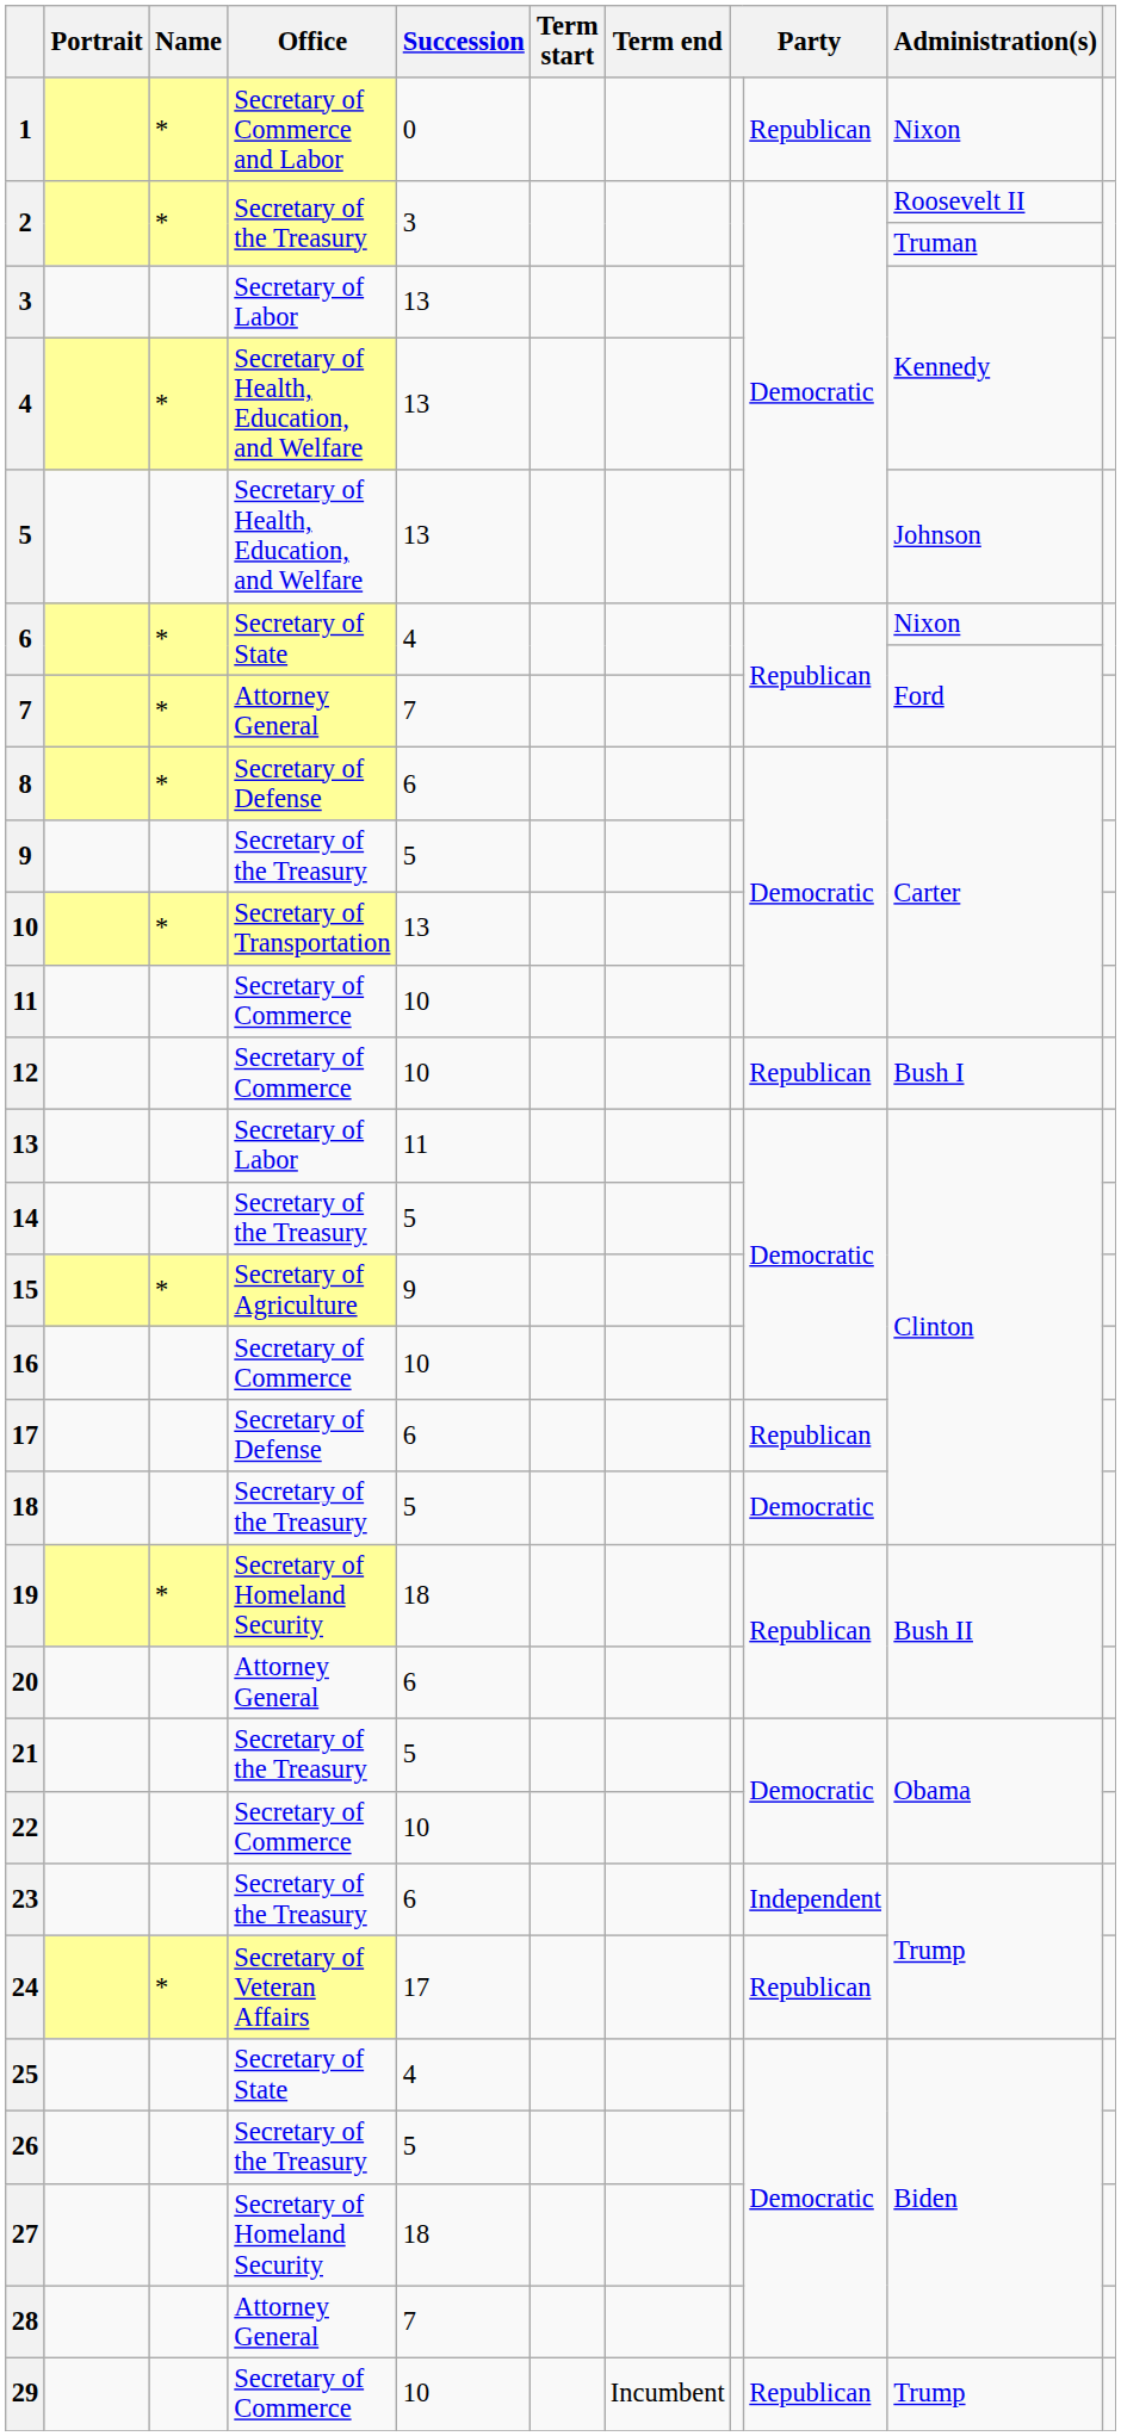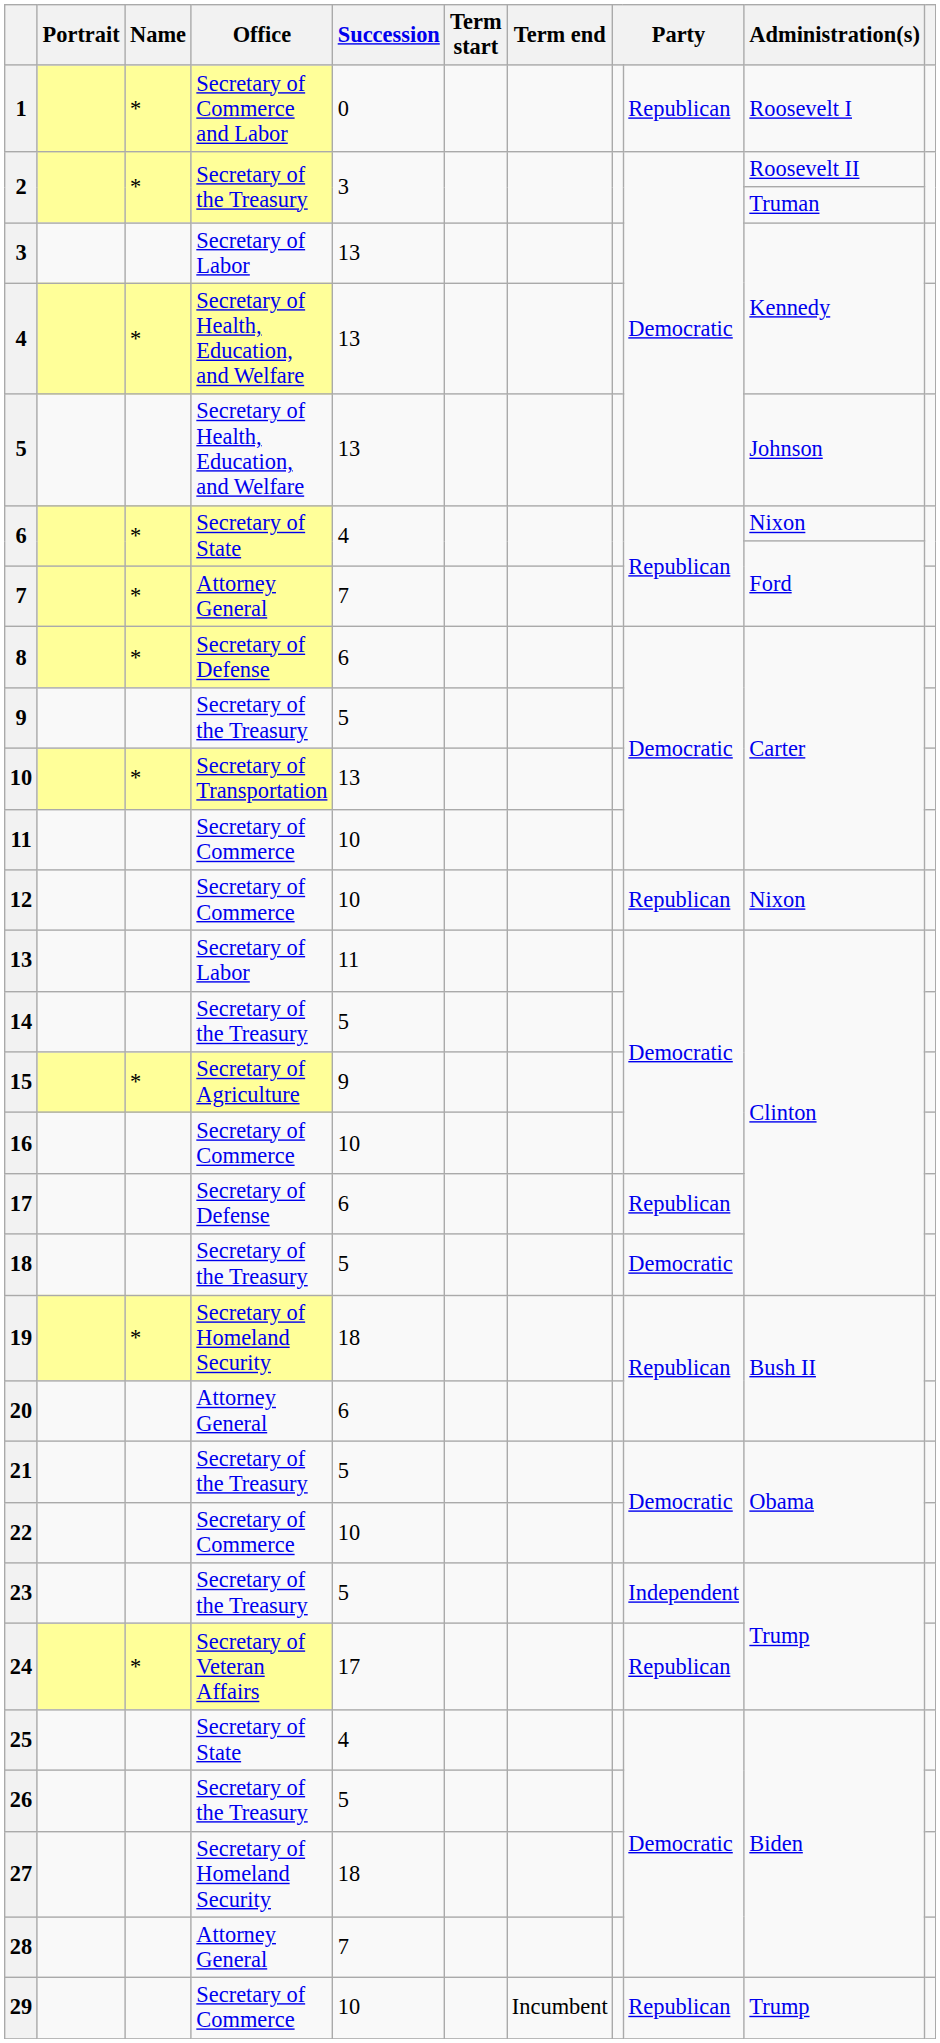 <table class="wikitable sortable">
 <tr>
 <th scope="col"></th>
 <th scope="col">Portrait</th>
 <th scope="col">Name</th>
 <th scope="col">Office</th>
 <th scope="col"><a href='#'>Succession</a></th>
 <th scope="col">Term start</th>
 <th scope="col">Term end</th>
 <th scope="col" colspan=2>Party</th>
 <th scope="col">Administration(s)</th>
 <th scope="col" class="unsortable"></th>
 </tr>
 <tr>
 <th scope="row">1</th>
 <td bgcolor="#FFFF99" data-sort-value="Straus, Oscar"></td>
 <td bgcolor="#FFFF99">*</td>
 <td bgcolor="#FFFF99"><a href='#'>Secretary of Commerce and Labor</a></td>
 <td>0</td>
 <td></td>
 <td></td>
 <td style="background-color:"></td>
 <td><a href='#'>Republican</a></td>
-<td><a href='#'>Nixon</a></td>
+<td><a href='#'>Roosevelt I</a></td>
 <td align="center"></td>
 </tr>
 <tr>
 <th scope="row" rowspan=2>2</th>
 <td bgcolor="#FFFF99" rowspan=2 data-sort-value="Morgenthau, Henry"></td>
 <td bgcolor="#FFFF99" rowspan=2>*</td>
 <td bgcolor="#FFFF99" rowspan=2><a href='#'>Secretary of the Treasury</a></td>
 <td rowspan=2>3</td>
 <td rowspan=2></td>
 <td rowspan=2></td>
 <td rowspan=2 style="background-color:"></td>
 <td rowspan=5><a href='#'>Democratic</a></td>
 <td><a href='#'>Roosevelt II</a></td>
 <td align="center" rowspan=2></td>
 </tr>
 <tr>
 <td><a href='#'>Truman</a></td>
 </tr>
 <tr>
 <th scope="row">3</th>
 <td data-sort-value="Goldberg, Arthur"></td>
 <td></td>
 <td><a href='#'>Secretary of Labor</a></td>
 <td>13</td>
 <td></td>
 <td></td>
 <td style="background-color:"></td>
 <td rowspan=2><a href='#'>Kennedy</a></td>
 <td align="center"></td>
 </tr>
 <tr>
 <th scope="row">4</th>
 <td bgcolor="#FFFF99" data-sort-value="Ribicoff, Abraham"></td>
 <td bgcolor="#FFFF99">*</td>
 <td bgcolor="#FFFF99"><a href='#'>Secretary of Health, Education, and Welfare</a></td>
 <td>13</td>
 <td></td>
 <td></td>
 <td style="background-color:"></td>
 <td align="center"></td>
 </tr>
 <tr>
 <th scope="row">5</th>
 <td data-sort-value="Cohen, Wilbur"></td>
 <td></td>
 <td><a href='#'>Secretary of Health, Education, and Welfare</a></td>
 <td>13</td>
 <td></td>
 <td></td>
 <td style="background-color:"></td>
 <td><a href='#'>Johnson</a></td>
 <td align="center"></td>
 </tr>
 <tr>
 <th scope="row" rowspan=2>6</th>
 <td bgcolor="#FFFF99" rowspan=2 data-sort-value="Kissinger, Henry"></td>
 <td bgcolor="#FFFF99" rowspan=2>*</td>
 <td bgcolor="#FFFF99" rowspan=2><a href='#'>Secretary of State</a></td>
 <td rowspan=2>4</td>
 <td rowspan=2></td>
 <td rowspan=2></td>
 <td rowspan=2 style="background-color:"></td>
 <td rowspan=3><a href='#'>Republican</a></td>
 <td><a href='#'>Nixon</a></td>
 <td align="center" rowspan=2></td>
 </tr>
 <tr>
 <td rowspan=2><a href='#'>Ford</a></td>
 </tr>
 <tr>
 <th scope="row">7</th>
 <td bgcolor="#FFFF99" data-sort-value="Cohen, Wilbur"></td>
 <td bgcolor="#FFFF99">*</td>
 <td bgcolor="#FFFF99"><a href='#'>Attorney General</a></td>
 <td>7</td>
 <td></td>
 <td></td>
 <td style="background-color:"></td>
 <td align="center"></td>
 </tr>
 <tr>
 <th scope="row">8</th>
 <td bgcolor="#FFFF99" data-sort-value="Brown, Harold"></td>
 <td bgcolor="#FFFF99">*</td>
 <td bgcolor="#FFFF99"><a href='#'>Secretary of Defense</a></td>
 <td>6</td>
 <td></td>
 <td></td>
 <td style="background-color:"></td>
 <td rowspan=4><a href='#'>Democratic</a></td>
 <td rowspan=4><a href='#'>Carter</a></td>
 <td align="center"></td>
 </tr>
 <tr>
 <th scope="row">9</th>
 <td data-sort-value="Blumenthal, W. Michael"></td>
 <td></td>
 <td><a href='#'>Secretary of the Treasury</a></td>
 <td>5</td>
 <td></td>
 <td></td>
 <td style="background-color:"></td>
 <td align="center"></td>
 </tr>
 <tr>
 <th scope="row">10</th>
 <td bgcolor="#FFFF99" data-sort-value="Goldschmidt, Neil"></td>
 <td bgcolor="#FFFF99">*</td>
 <td bgcolor="#FFFF99"><a href='#'>Secretary of Transportation</a></td>
 <td>13</td>
 <td></td>
 <td></td>
 <td style="background-color:"></td>
 <td align="center"></td>
 </tr>
 <tr>
 <th scope="row">11</th>
 <td data-sort-value="Klutznick, Philip"></td>
 <td></td>
 <td><a href='#'>Secretary of Commerce</a></td>
 <td>10</td>
 <td></td>
 <td></td>
 <td style="background-color:"></td>
 <td align="center"></td>
 </tr>
 <tr>
 <th scope="row">12</th>
 <td data-sort-value="Mosbacher, Robert"></td>
 <td></td>
 <td><a href='#'>Secretary of Commerce</a></td>
 <td>10</td>
 <td></td>
 <td></td>
 <td style="background-color:"></td>
 <td><a href='#'>Republican</a></td>
-<td><a href='#'>Bush I</a></td>
+<td><a href='#'>Nixon</a></td>
 <td align="center"></td>
 </tr>
 <tr>
 <th scope="row">13</th>
 <td data-sort-value="Reich, Robert"></td>
 <td></td>
 <td><a href='#'>Secretary of Labor</a></td>
 <td>11</td>
 <td></td>
 <td></td>
 <td style="background-color:"></td>
 <td rowspan=4><a href='#'>Democratic</a></td>
 <td rowspan=6><a href='#'>Clinton</a></td>
 <td align="center"></td>
 </tr>
 <tr>
 <th scope="row">14</th>
 <td data-sort-value="Rubin, Robert"></td>
 <td></td>
 <td><a href='#'>Secretary of the Treasury</a></td>
 <td>5</td>
 <td></td>
 <td></td>
 <td style="background-color:"></td>
 <td align="center"></td>
 </tr>
 <tr>
 <th scope="row">15</th>
 <td bgcolor="#FFFF99" data-sort-value="Glickman, Dan"></td>
 <td bgcolor="#FFFF99">*</td>
 <td bgcolor="#FFFF99"><a href='#'>Secretary of Agriculture</a></td>
 <td>9</td>
 <td></td>
 <td></td>
 <td style="background-color:"></td>
 <td align="center"></td>
 </tr>
 <tr>
 <th scope="row">16</th>
 <td data-sort-value="Kantor, Mickey"></td>
 <td></td>
 <td><a href='#'>Secretary of Commerce</a></td>
 <td>10</td>
 <td></td>
 <td></td>
 <td style="background-color:"></td>
 <td align="center"></td>
 </tr>
 <tr>
 <th scope="row">17</th>
 <td data-sort-value="Cohen, William"></td>
 <td></td>
 <td><a href='#'>Secretary of Defense</a></td>
 <td>6</td>
 <td></td>
 <td></td>
 <td style="background-color:"></td>
 <td><a href='#'>Republican</a></td>
 <td align="center"></td>
 </tr>
 <tr>
 <th scope="row">18</th>
 <td data-sort-value="Summers, Larry"></td>
 <td></td>
 <td><a href='#'>Secretary of the Treasury</a></td>
 <td>5</td>
 <td></td>
 <td></td>
 <td style="background-color:"></td>
 <td><a href='#'>Democratic</a></td>
 <td align="center"></td>
 </tr>
 <tr>
 <th scope="row">19</th>
 <td bgcolor="#FFFF99" data-sort-value="Chertoff, Michael"></td>
 <td bgcolor="#FFFF99">*</td>
 <td bgcolor="#FFFF99"><a href='#'>Secretary of Homeland Security</a></td>
 <td>18</td>
 <td></td>
 <td></td>
 <td style="background-color:"></td>
 <td rowspan=2><a href='#'>Republican</a></td>
 <td rowspan=2><a href='#'>Bush II</a></td>
 <td align="center"></td>
 </tr>
 <tr>
 <th scope="row">20</th>
 <td data-sort-value="Mukasey, Michael"></td>
 <td></td>
 <td><a href='#'>Attorney General</a></td>
 <td>6</td>
 <td></td>
 <td></td>
 <td style="background-color:"></td>
 <td align="center"></td>
 </tr>
 <tr>
 <th scope="row">21</th>
 <td data-sort-value="Lew, Jack"></td>
 <td></td>
 <td><a href='#'>Secretary of the Treasury</a></td>
 <td>5</td>
 <td></td>
 <td></td>
 <td style="background-color:"></td>
 <td rowspan=2><a href='#'>Democratic</a></td>
 <td rowspan=2><a href='#'>Obama</a></td>
 <td align="center"></td>
 </tr>
 <tr>
 <th scope="row">22</th>
 <td data-sort-value="Pritzker, Penny"></td>
 <td></td>
 <td><a href='#'>Secretary of Commerce</a></td>
 <td>10</td>
 <td></td>
 <td></td>
 <td style="background-color:"></td>
 <td align="center"></td>
 </tr>
 <tr>
 <th scope="row">23</th>
 <td data-sort-value="Munchin, Steven"></td>
 <td></td>
 <td><a href='#'>Secretary of the Treasury</a></td>
-<td>6</td>
+<td>5</td>
 <td></td>
 <td></td>
 <td style="background-color:"></td>
 <td><a href='#'>Independent</a></td>
 <td rowspan=2><a href='#'>Trump</a></td>
 <td align="center"></td>
 </tr>
 <tr>
 <th scope="row">24</th>
 <td bgcolor="#FFFF99" data-sort-value="Shulkin, David"></td>
 <td bgcolor="#FFFF99">*</td>
 <td bgcolor="#FFFF99"><a href='#'>Secretary of Veteran Affairs</a></td>
 <td>17</td>
 <td></td>
 <td></td>
 <td style="background-color:"></td>
 <td><a href='#'>Republican</a></td>
 <td align="center"></td>
 </tr>
 <tr>
 <th scope="row">25</th>
 <td data-sort-value="Blinken, Antony"></td>
 <td></td>
 <td><a href='#'>Secretary of State</a></td>
 <td>4</td>
 <td></td>
 <td></td>
 <td style="background-color:"></td>
 <td rowspan=4><a href='#'>Democratic</a></td>
 <td rowspan=4><a href='#'>Biden</a></td>
 <td align="center"></td>
 </tr>
 <tr>
 <th scope="row">26</th>
 <td data-sort-value="Yellen, Janet"></td>
 <td></td>
 <td><a href='#'>Secretary of the Treasury</a></td>
 <td>5</td>
 <td></td>
 <td></td>
 <td style="background-color:"></td>
 <td align="center"></td>
 </tr>
 <tr>
 <th scope="row">27</th>
 <td data-sort-value="Mayorkas, Alejandro"></td>
 <td></td>
 <td><a href='#'>Secretary of Homeland Security</a></td>
 <td>18</td>
 <td></td>
 <td></td>
 <td style="background-color:"></td>
 <td align="center"></td>
 </tr>
 <tr>
 <th scope="row">28</th>
 <td data-sort-value="Garland, Merrick"></td>
 <td></td>
 <td><a href='#'>Attorney General</a></td>
 <td>7</td>
 <td></td>
 <td></td>
 <td style="background-color:"></td>
 <td align="center"></td>
 </tr>
 <tr>
 <th scope="row">29</th>
 <td data-sort-value="Lutnick, Howard"></td>
 <td></td>
 <td><a href='#'>Secretary of Commerce</a></td>
 <td>10</td>
 <td></td>
 <td>Incumbent</td>
 <td style="background-color:"></td>
 <td><a href='#'>Republican</a></td>
 <td><a href='#'>Trump</a></td>
 <td align="center"></td>
 </tr>
 </table>
